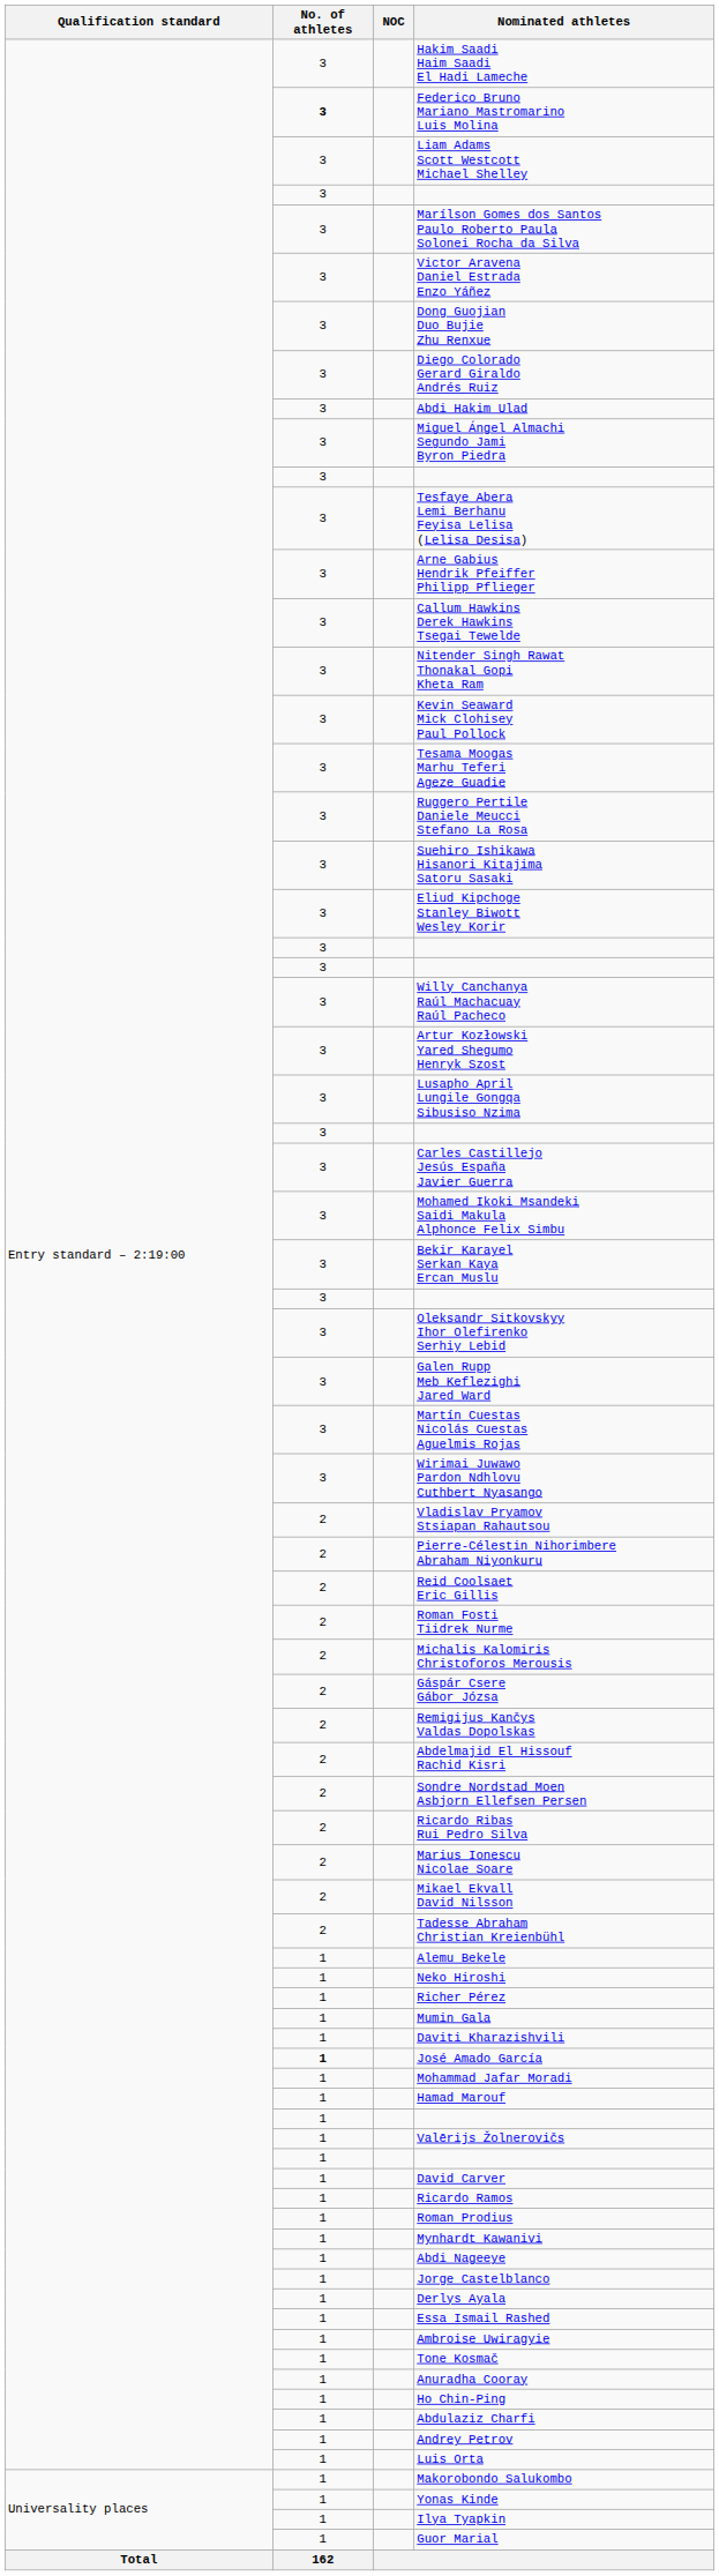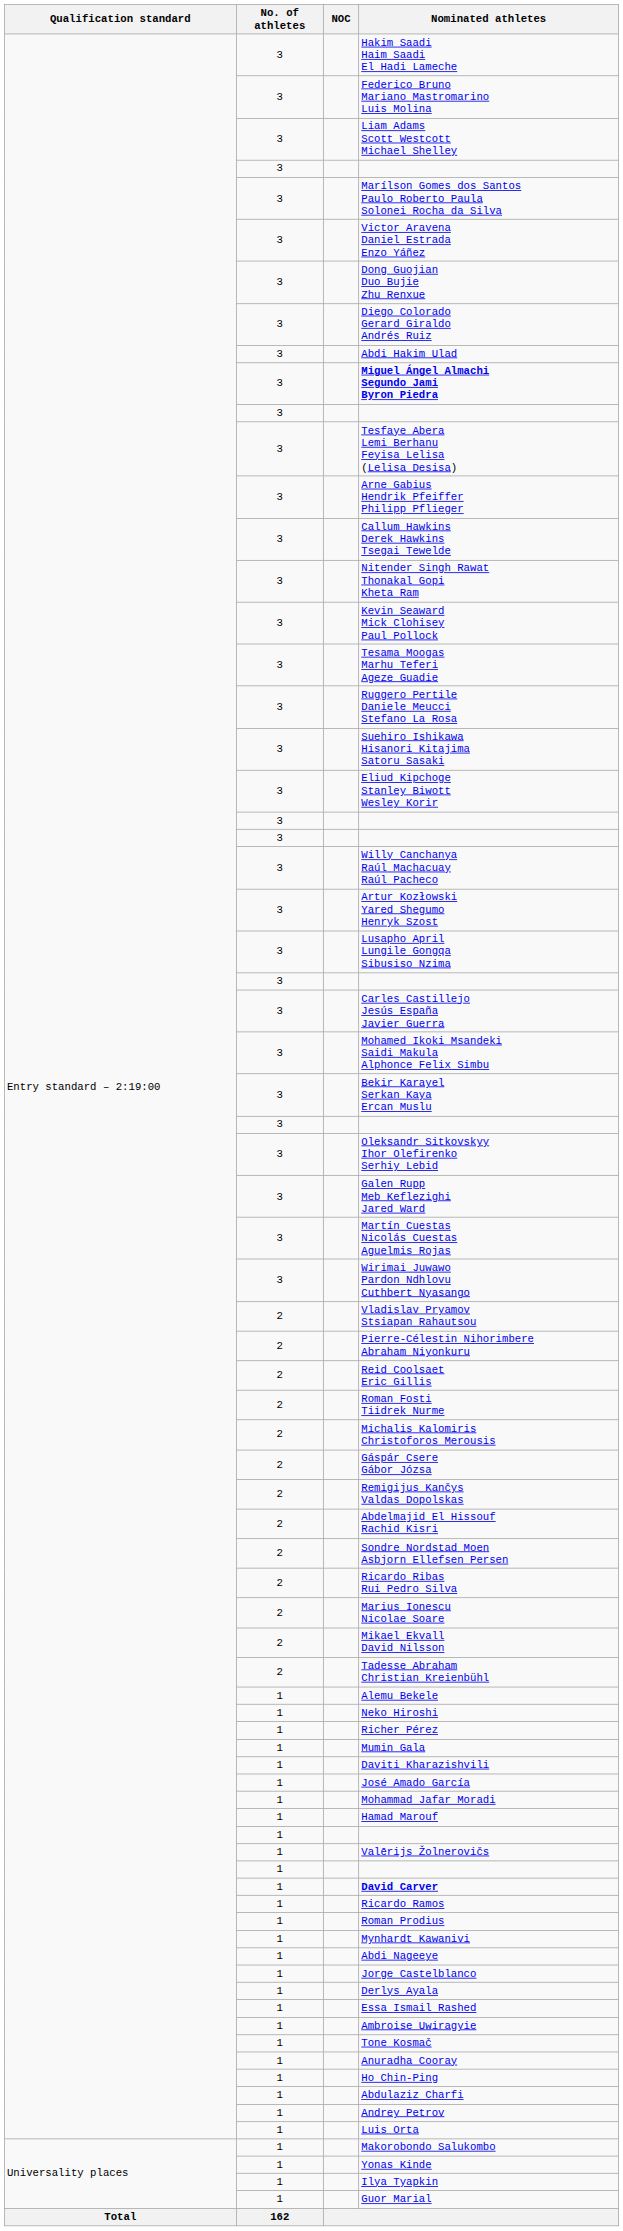 <table class="wikitable"  style="text-align:left; width:750px;">
 <tr>
 <th>Qualification standard</th>
 <th width=100>No. of athletes</th>
 <th>NOC</th>
 <th>Nominated athletes</th>
 </tr>
 <tr>
 <td rowspan=73>Entry standard – 2:19:00</td>
 <td style="text-align:center;">3</td>
 <td></td>
 <td><a href='#'>Hakim Saadi</a><br><a href='#'>Haim Saadi</a><br><a href='#'>El Hadi Lameche</a></td>
 </tr>
 <tr>
-<td style="text-align:center;"><strong>3</strong></td>
+<td style="text-align:center;">3</td>
 <td></td>
 <td><a href='#'>Federico Bruno</a><br><a href='#'>Mariano Mastromarino</a><br><a href='#'>Luis Molina</a></td>
 </tr>
 <tr>
 <td style="text-align:center;">3</td>
 <td></td>
 <td><a href='#'>Liam Adams</a><br><a href='#'>Scott Westcott</a><br><a href='#'>Michael Shelley</a></td>
 </tr>
 <tr>
 <td style="text-align:center;">3</td>
 <td></td>
 <td></td>
 </tr>
 <tr>
 <td style="text-align:center;">3</td>
 <td></td>
 <td><a href='#'>Marílson Gomes dos Santos</a><br><a href='#'>Paulo Roberto Paula</a><br><a href='#'>Solonei Rocha da Silva</a></td>
 </tr>
 <tr>
 <td style="text-align:center;">3</td>
 <td></td>
 <td><a href='#'>Victor Aravena</a><br><a href='#'>Daniel Estrada</a><br><a href='#'>Enzo Yáñez</a></td>
 </tr>
 <tr>
 <td style="text-align:center;">3</td>
 <td></td>
 <td><a href='#'>Dong Guojian</a><br><a href='#'>Duo Bujie</a><br><a href='#'>Zhu Renxue</a></td>
 </tr>
 <tr>
 <td style="text-align:center;">3</td>
 <td></td>
 <td><a href='#'>Diego Colorado</a><br><a href='#'>Gerard Giraldo</a><br><a href='#'>Andrés Ruiz</a></td>
 </tr>
 <tr>
 <td style="text-align:center;">3</td>
 <td></td>
 <td><a href='#'>Abdi Hakim Ulad</a><br></td>
 </tr>
 <tr>
 <td style="text-align:center;">3</td>
 <td></td>
-<td><a href='#'>Miguel Ángel Almachi</a><br><a href='#'>Segundo Jami</a><br><a href='#'>Byron Piedra</a></td>
+<td><strong><a href='#'>Miguel Ángel Almachi</a><br><a href='#'>Segundo Jami</a><br><a href='#'>Byron Piedra</a></strong></td>
 </tr>
 <tr>
 <td style="text-align:center;">3</td>
 <td></td>
 <td></td>
 </tr>
 <tr>
 <td style="text-align:center;">3</td>
 <td></td>
 <td><a href='#'>Tesfaye Abera</a><br><a href='#'>Lemi Berhanu</a><br><a href='#'>Feyisa Lelisa</a><br>(<a href='#'>Lelisa Desisa</a>) </td>
 </tr>
 <tr>
 <td style="text-align:center;">3</td>
 <td></td>
 <td><a href='#'>Arne Gabius</a><br><a href='#'>Hendrik Pfeiffer</a><br><a href='#'>Philipp Pflieger</a></td>
 </tr>
 <tr>
 <td style="text-align:center;">3</td>
 <td></td>
 <td><a href='#'>Callum Hawkins</a><br><a href='#'>Derek Hawkins</a><br><a href='#'>Tsegai Tewelde</a></td>
 </tr>
 <tr>
 <td style="text-align:center;">3</td>
 <td></td>
 <td><a href='#'>Nitender Singh Rawat</a><br><a href='#'>Thonakal Gopi</a><br><a href='#'>Kheta Ram</a></td>
 </tr>
 <tr>
 <td style="text-align:center;">3</td>
 <td></td>
 <td><a href='#'>Kevin Seaward</a><br><a href='#'>Mick Clohisey</a><br><a href='#'>Paul Pollock</a></td>
 </tr>
 <tr>
 <td style="text-align:center;">3</td>
 <td></td>
 <td><a href='#'>Tesama Moogas</a><br><a href='#'>Marhu Teferi</a><br><a href='#'>Ageze Guadie</a></td>
 </tr>
 <tr>
 <td style="text-align:center;">3</td>
 <td></td>
 <td><a href='#'>Ruggero Pertile</a><br><a href='#'>Daniele Meucci</a><br><a href='#'>Stefano La Rosa</a></td>
 </tr>
 <tr>
 <td style="text-align:center;">3</td>
 <td></td>
 <td><a href='#'>Suehiro Ishikawa</a><br><a href='#'>Hisanori Kitajima</a><br><a href='#'>Satoru Sasaki</a></td>
 </tr>
 <tr>
 <td style="text-align:center;">3</td>
 <td></td>
 <td><a href='#'>Eliud Kipchoge</a><br><a href='#'>Stanley Biwott</a><br><a href='#'>Wesley Korir</a></td>
 </tr>
 <tr>
 <td style="text-align:center;">3</td>
 <td></td>
 <td></td>
 </tr>
 <tr>
 <td style="text-align:center;">3</td>
 <td></td>
 <td></td>
 </tr>
 <tr>
 <td style="text-align:center;">3</td>
 <td></td>
 <td><a href='#'>Willy Canchanya</a><br><a href='#'>Raúl Machacuay</a><br><a href='#'>Raúl Pacheco</a></td>
 </tr>
 <tr>
 <td style="text-align:center;">3</td>
 <td></td>
 <td><a href='#'>Artur Kozłowski</a><br><a href='#'>Yared Shegumo</a><br><a href='#'>Henryk Szost</a></td>
 </tr>
 <tr>
 <td style="text-align:center;">3</td>
 <td></td>
 <td><a href='#'>Lusapho April</a><br><a href='#'>Lungile Gongqa</a><br><a href='#'>Sibusiso Nzima</a></td>
 </tr>
 <tr>
 <td style="text-align:center;">3</td>
 <td></td>
 <td></td>
 </tr>
 <tr>
 <td style="text-align:center;">3</td>
 <td></td>
 <td><a href='#'>Carles Castillejo</a><br><a href='#'>Jesús España</a><br><a href='#'>Javier Guerra</a></td>
 </tr>
 <tr>
 <td style="text-align:center;">3</td>
 <td></td>
 <td><a href='#'>Mohamed Ikoki Msandeki</a><br><a href='#'>Saidi Makula</a><br><a href='#'>Alphonce Felix Simbu</a></td>
 </tr>
 <tr>
 <td style="text-align:center;">3</td>
 <td></td>
 <td><a href='#'>Bekir Karayel</a><br><a href='#'>Serkan Kaya</a><br><a href='#'>Ercan Muslu</a></td>
 </tr>
 <tr>
 <td style="text-align:center;">3</td>
 <td></td>
 <td></td>
 </tr>
 <tr>
 <td style="text-align:center;">3</td>
 <td></td>
 <td><a href='#'>Oleksandr Sitkovskyy</a><br><a href='#'>Ihor Olefirenko</a><br><a href='#'>Serhiy Lebid</a></td>
 </tr>
 <tr>
 <td style="text-align:center;">3</td>
 <td></td>
 <td><a href='#'>Galen Rupp</a><br><a href='#'>Meb Keflezighi</a><br><a href='#'>Jared Ward</a></td>
 </tr>
 <tr>
 <td style="text-align:center;">3</td>
 <td></td>
 <td><a href='#'>Martín Cuestas</a><br><a href='#'>Nicolás Cuestas</a><br><a href='#'>Aguelmis Rojas</a></td>
 </tr>
 <tr>
 <td style="text-align:center;">3</td>
 <td></td>
 <td><a href='#'>Wirimai Juwawo</a><br><a href='#'>Pardon Ndhlovu</a><br><a href='#'>Cuthbert Nyasango</a></td>
 </tr>
 <tr>
 <td style="text-align:center;">2</td>
 <td></td>
 <td><a href='#'>Vladislav Pryamov</a><br><a href='#'>Stsiapan Rahautsou</a></td>
 </tr>
 <tr>
 <td style="text-align:center;">2</td>
 <td></td>
 <td><a href='#'>Pierre-Célestin Nihorimbere</a><br><a href='#'>Abraham Niyonkuru</a></td>
 </tr>
 <tr>
 <td style="text-align:center;">2</td>
 <td></td>
 <td><a href='#'>Reid Coolsaet</a><br><a href='#'>Eric Gillis</a></td>
 </tr>
 <tr>
 <td style="text-align:center;">2</td>
 <td></td>
 <td><a href='#'>Roman Fosti</a><br><a href='#'>Tiidrek Nurme</a></td>
 </tr>
 <tr>
 <td style="text-align:center;">2</td>
 <td></td>
 <td><a href='#'>Michalis Kalomiris</a><br><a href='#'>Christoforos Merousis</a></td>
 </tr>
 <tr>
 <td style="text-align:center;">2</td>
 <td></td>
 <td><a href='#'>Gáspár Csere</a><br><a href='#'>Gábor Józsa</a></td>
 </tr>
 <tr>
 <td style="text-align:center;">2</td>
 <td></td>
 <td><a href='#'>Remigijus Kančys</a><br><a href='#'>Valdas Dopolskas</a></td>
 </tr>
 <tr>
 <td style="text-align:center;">2</td>
 <td></td>
 <td><a href='#'>Abdelmajid El Hissouf</a><br><a href='#'>Rachid Kisri</a></td>
 </tr>
 <tr>
 <td style="text-align:center;">2</td>
 <td></td>
 <td><a href='#'>Sondre Nordstad Moen</a><br><a href='#'>Asbjorn Ellefsen Persen</a></td>
 </tr>
 <tr>
 <td style="text-align:center;">2</td>
 <td></td>
 <td><a href='#'>Ricardo Ribas</a><br><a href='#'>Rui Pedro Silva</a></td>
 </tr>
 <tr>
 <td style="text-align:center;">2</td>
 <td></td>
 <td><a href='#'>Marius Ionescu</a><br><a href='#'>Nicolae Soare</a></td>
 </tr>
 <tr>
 <td style="text-align:center;">2</td>
 <td></td>
 <td><a href='#'>Mikael Ekvall</a><br><a href='#'>David Nilsson</a></td>
 </tr>
 <tr>
 <td style="text-align:center;">2</td>
 <td></td>
 <td><a href='#'>Tadesse Abraham</a><br><a href='#'>Christian Kreienbühl</a></td>
 </tr>
 <tr>
 <td style="text-align:center;">1</td>
 <td></td>
 <td><a href='#'>Alemu Bekele</a></td>
 </tr>
 <tr>
 <td style="text-align:center;">1</td>
 <td></td>
 <td><a href='#'>Neko Hiroshi</a></td>
 </tr>
 <tr>
 <td style="text-align:center;">1</td>
 <td></td>
 <td><a href='#'>Richer Pérez</a></td>
 </tr>
 <tr>
 <td style="text-align:center;">1</td>
 <td></td>
 <td><a href='#'>Mumin Gala</a></td>
 </tr>
 <tr>
 <td style="text-align:center;">1</td>
 <td></td>
 <td><a href='#'>Daviti Kharazishvili</a></td>
 </tr>
 <tr>
-<td style="text-align:center;"><strong>1</strong></td>
+<td style="text-align:center;">1</td>
 <td></td>
 <td><a href='#'>José Amado García</a></td>
 </tr>
 <tr>
 <td style="text-align:center;">1</td>
 <td></td>
 <td><a href='#'>Mohammad Jafar Moradi</a></td>
 </tr>
 <tr>
 <td style="text-align:center;">1</td>
 <td></td>
 <td><a href='#'>Hamad Marouf</a></td>
 </tr>
 <tr>
 <td style="text-align:center;">1</td>
 <td></td>
 <td></td>
 </tr>
 <tr>
 <td style="text-align:center;">1</td>
 <td></td>
 <td><a href='#'>Valērijs Žolnerovičs</a></td>
 </tr>
 <tr>
 <td style="text-align:center;">1</td>
 <td></td>
 <td></td>
 </tr>
 <tr>
 <td style="text-align:center;">1</td>
 <td></td>
-<td><a href='#'>David Carver</a></td>
+<td><strong><a href='#'>David Carver</a></strong></td>
 </tr>
 <tr>
 <td style="text-align:center;">1</td>
 <td></td>
 <td><a href='#'>Ricardo Ramos</a></td>
 </tr>
 <tr>
 <td style="text-align:center;">1</td>
 <td></td>
 <td><a href='#'>Roman Prodius</a></td>
 </tr>
 <tr>
 <td style="text-align:center;">1</td>
 <td></td>
 <td><a href='#'>Mynhardt Kawanivi</a></td>
 </tr>
 <tr>
 <td style="text-align:center;">1</td>
 <td></td>
 <td><a href='#'>Abdi Nageeye</a></td>
 </tr>
 <tr>
 <td style="text-align:center;">1</td>
 <td></td>
 <td><a href='#'>Jorge Castelblanco</a></td>
 </tr>
 <tr>
 <td style="text-align:center;">1</td>
 <td></td>
 <td><a href='#'>Derlys Ayala</a></td>
 </tr>
 <tr>
 <td style="text-align:center;">1</td>
 <td></td>
 <td><a href='#'>Essa Ismail Rashed</a></td>
 </tr>
 <tr>
 <td style="text-align:center;">1</td>
 <td></td>
 <td><a href='#'>Ambroise Uwiragyie</a></td>
 </tr>
 <tr>
 <td style="text-align:center;">1</td>
 <td></td>
 <td><a href='#'>Tone Kosmač</a></td>
 </tr>
 <tr>
 <td style="text-align:center;">1</td>
 <td></td>
 <td><a href='#'>Anuradha Cooray</a></td>
 </tr>
 <tr>
 <td style="text-align:center;">1</td>
 <td></td>
 <td><a href='#'>Ho Chin-Ping</a></td>
 </tr>
 <tr>
 <td style="text-align:center;">1</td>
 <td></td>
 <td><a href='#'>Abdulaziz Charfi</a></td>
 </tr>
 <tr>
 <td style="text-align:center;">1</td>
 <td></td>
 <td><a href='#'>Andrey Petrov</a></td>
 </tr>
 <tr>
 <td style="text-align:center;">1</td>
 <td></td>
 <td><a href='#'>Luis Orta</a></td>
 </tr>
 <tr>
 <td rowspan=4>Universality places</td>
 <td style="text-align:center;">1</td>
 <td></td>
 <td><a href='#'>Makorobondo Salukombo</a></td>
 </tr>
 <tr>
 <td style="text-align:center;">1</td>
 <td></td>
 <td><a href='#'>Yonas Kinde</a></td>
 </tr>
 <tr>
 <td style="text-align:center;">1</td>
 <td></td>
 <td><a href='#'>Ilya Tyapkin</a></td>
 </tr>
 <tr>
 <td style="text-align:center;">1</td>
 <td></td>
 <td><a href='#'>Guor Marial</a></td>
 </tr>
 <tr>
 <th>Total</th>
 <th>162</th>
 <th colspan=2></th>
 </tr>
 </table>
